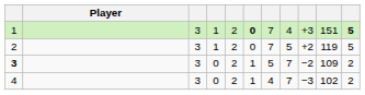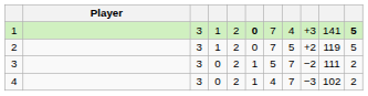 <table class="wikitable" style="text-align:center; margin: 1em auto 1em auto, align:left">
 <tr>
 <th width=20></th>
 <th width=240>Player</th>
 <th width=20></th>
 <th width=20></th>
 <th width=20></th>
 <th width=20></th>
 <th width=20></th>
 <th width=20></th>
 <th width=20></th>
 <th width=30></th>
 <th width=20></th>
 </tr>
 <tr style="background:#D0F0C0;">
 <td>1</td>
 <td align=left></td>
 <td>3</td>
 <td>1</td>
 <td>2</td>
 <td><strong>0</strong></td>
 <td>7</td>
 <td>4</td>
 <td>+3</td>
-<td>151</td>
+<td>141</td>
 <td><strong>5</strong></td>
 </tr>
 <tr style=>
 <td>2</td>
 <td align=left></td>
 <td>3</td>
 <td>1</td>
 <td>2</td>
 <td>0</td>
 <td>7</td>
 <td>5</td>
 <td>+2</td>
 <td>119</td>
 <td>5</td>
 </tr>
 <tr style=>
-<td><strong>3</strong></td>
+<td>3</td>
 <td align=left></td>
 <td>3</td>
 <td>0</td>
 <td>2</td>
 <td>1</td>
 <td>5</td>
 <td>7</td>
 <td>−2</td>
-<td>109</td>
+<td>111</td>
 <td>2</td>
 </tr>
 <tr style=>
 <td>4</td>
 <td align=left></td>
 <td>3</td>
 <td>0</td>
 <td>2</td>
 <td>1</td>
 <td>4</td>
 <td>7</td>
 <td>−3</td>
 <td>102</td>
 <td>2</td>
 </tr>
 </table>
